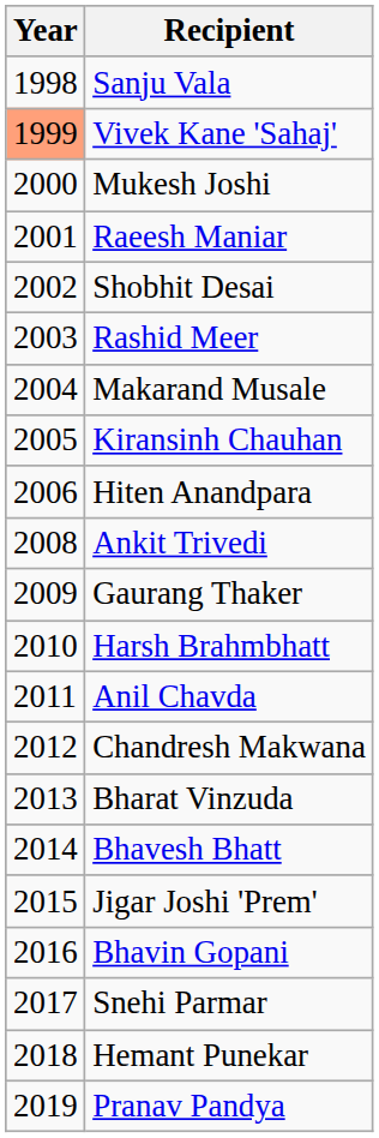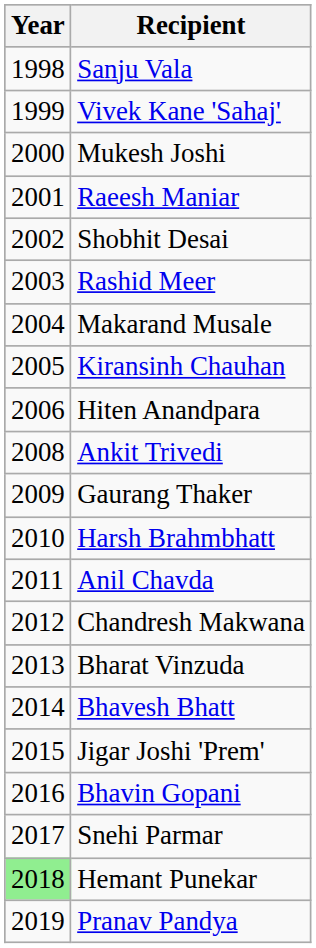 <table class="wikitable">
 <tr>
 <th>Year</th>
 <th>Recipient</th>
 </tr>
 <tr>
 <td>1998</td>
 <td><a href='#'>Sanju Vala</a></td>
 </tr>
 <tr>
-<td style="background: lightsalmon;">1999</td>
+<td>1999</td>
 <td><a href='#'>Vivek Kane 'Sahaj'</a></td>
 </tr>
 <tr>
 <td>2000</td>
 <td>Mukesh Joshi</td>
 </tr>
 <tr>
 <td>2001</td>
 <td><a href='#'>Raeesh Maniar</a></td>
 </tr>
 <tr>
 <td>2002</td>
 <td>Shobhit Desai</td>
 </tr>
 <tr>
 <td>2003</td>
 <td><a href='#'>Rashid Meer</a></td>
 </tr>
 <tr>
 <td>2004</td>
 <td>Makarand Musale</td>
 </tr>
 <tr>
 <td>2005</td>
 <td><a href='#'>Kiransinh Chauhan</a></td>
 </tr>
 <tr>
 <td>2006</td>
 <td>Hiten Anandpara</td>
 </tr>
 <tr>
 <td>2008</td>
 <td><a href='#'>Ankit Trivedi</a></td>
 </tr>
 <tr>
 <td>2009</td>
 <td>Gaurang Thaker</td>
 </tr>
 <tr>
 <td>2010</td>
 <td><a href='#'>Harsh Brahmbhatt</a></td>
 </tr>
 <tr>
 <td>2011</td>
 <td><a href='#'>Anil Chavda</a></td>
 </tr>
 <tr>
 <td>2012</td>
 <td>Chandresh Makwana</td>
 </tr>
 <tr>
 <td>2013</td>
 <td>Bharat Vinzuda</td>
 </tr>
 <tr>
 <td>2014</td>
 <td><a href='#'>Bhavesh Bhatt</a></td>
 </tr>
 <tr>
 <td>2015</td>
 <td>Jigar Joshi 'Prem'</td>
 </tr>
 <tr>
 <td>2016</td>
 <td><a href='#'>Bhavin Gopani</a></td>
 </tr>
 <tr>
 <td>2017</td>
 <td>Snehi Parmar</td>
 </tr>
 <tr>
-<td>2018</td>
+<td style="background: lightgreen;">2018</td>
 <td>Hemant Punekar</td>
 </tr>
 <tr>
 <td>2019</td>
 <td><a href='#'>Pranav Pandya</a></td>
 </tr>
 </table>
